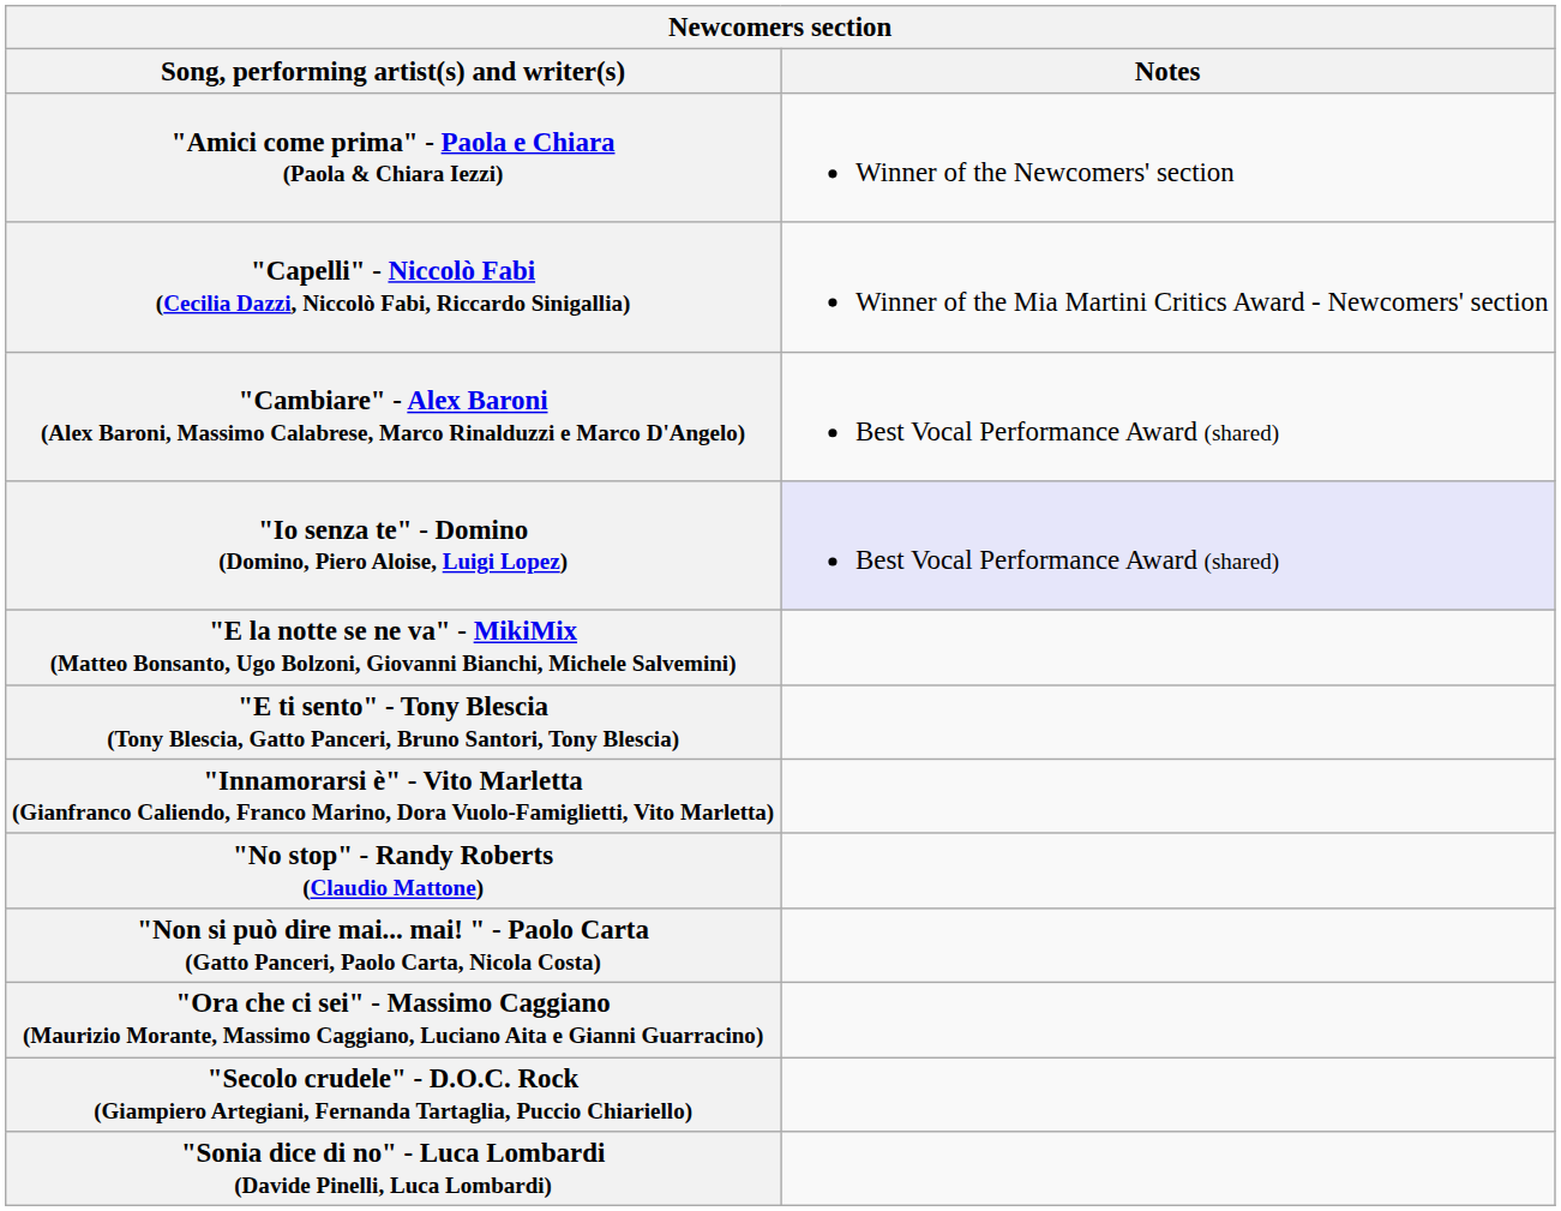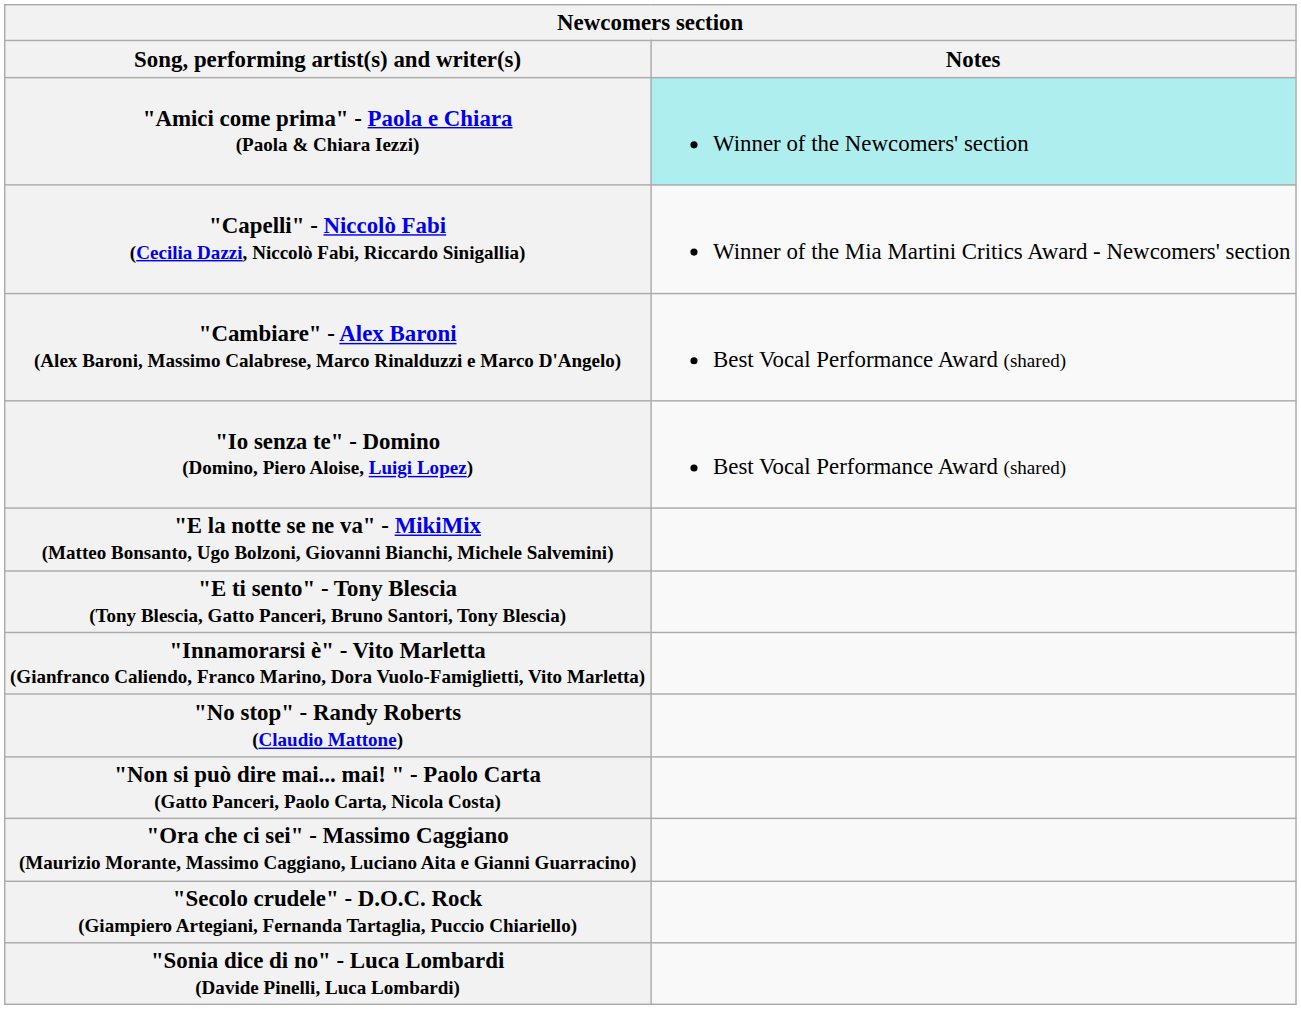 <table class="plainrowheaders wikitable">
 <tr>
 <th colspan="3">Newcomers section</th>
 </tr>
 <tr>
 <th>Song, performing artist(s) and writer(s)</th>
 <th>Notes</th>
 </tr>
 <tr>
 <th scope="row">"Amici come prima" - <a href='#'>Paola e Chiara</a>   <br><small> (Paola & Chiara Iezzi)</small></th>
-<td><br><ul><li>Winner of the Newcomers' section</li></ul></td>
+<td style="background: paleturquoise;"><br><ul><li>Winner of the Newcomers' section</li></ul></td>
 </tr>
 <tr>
 <th scope="row">"Capelli" -  <a href='#'>Niccolò Fabi</a> <br><small> (<a href='#'>Cecilia Dazzi</a>, Niccolò Fabi, Riccardo Sinigallia)</small></th>
 <td><br><ul><li>Winner of the Mia Martini Critics Award - Newcomers' section</li></ul></td>
 </tr>
 <tr>
 <th scope="row">"Cambiare" - <a href='#'>Alex Baroni</a> <br><small> (Alex Baroni, Massimo Calabrese, Marco Rinalduzzi e Marco D'Angelo)</small></th>
 <td><br><ul><li>Best Vocal Performance Award <small>(shared)</small></li></ul></td>
 </tr>
 <tr>
 <th scope="row">"Io senza te" -  Domino <br><small> (Domino, Piero Aloise, <a href='#'>Luigi Lopez</a>)</small></th>
-<td style="background: lavender;"><br><ul><li>Best Vocal Performance Award <small>(shared)</small></li></ul></td>
+<td><br><ul><li>Best Vocal Performance Award <small>(shared)</small></li></ul></td>
 </tr>
 <tr>
 <th scope="row">"E la notte se ne va" -  <a href='#'>MikiMix</a>  <br><small> (Matteo Bonsanto, Ugo Bolzoni, Giovanni Bianchi, Michele Salvemini)</small></th>
 <td></td>
 </tr>
 <tr>
 <th scope="row">"E ti sento" -  Tony Blescia  <br><small> (Tony Blescia, Gatto Panceri, Bruno Santori, Tony Blescia)</small></th>
 <td></td>
 </tr>
 <tr>
 <th scope="row">"Innamorarsi è" -  Vito Marletta  <br><small> (Gianfranco Caliendo, Franco Marino, Dora Vuolo-Famiglietti, Vito Marletta)</small></th>
 <td></td>
 </tr>
 <tr>
 <th scope="row">"No stop" - Randy Roberts <br><small> (<a href='#'>Claudio Mattone</a>)</small></th>
 <td></td>
 </tr>
 <tr>
 <th scope="row">"Non si può dire mai... mai! " - Paolo Carta <br><small> (Gatto Panceri, Paolo Carta, Nicola Costa)</small></th>
 <td></td>
 </tr>
 <tr>
 <th scope="row">"Ora che ci sei" - Massimo Caggiano <br><small> (Maurizio Morante, Massimo Caggiano, Luciano Aita e Gianni Guarracino)</small></th>
 <td></td>
 </tr>
 <tr>
 <th scope="row">"Secolo crudele" -  D.O.C. Rock <br><small> (Giampiero Artegiani, Fernanda Tartaglia, Puccio Chiariello)</small></th>
 <td></td>
 </tr>
 <tr>
 <th scope="row">"Sonia dice di no" -  Luca Lombardi <br><small> (Davide Pinelli, Luca Lombardi)</small></th>
 <td></td>
 </tr>
 </table>
